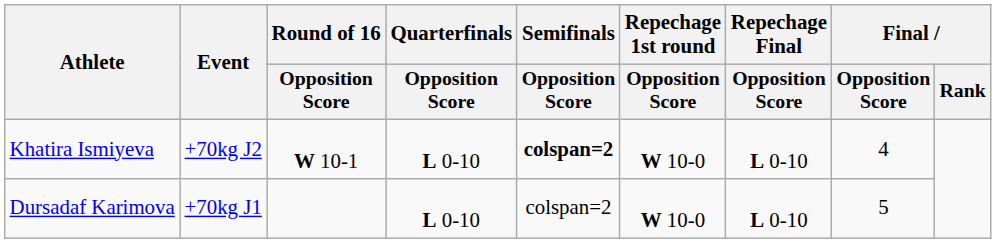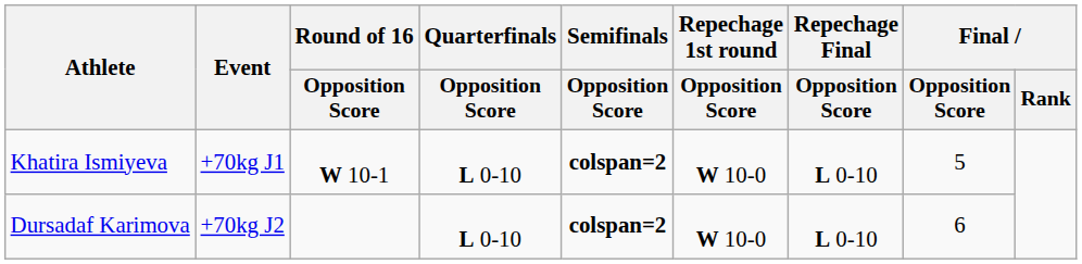 <table class=wikitable style="font-size:90%">
 <tr>
 <th rowspan=2>Athlete</th>
 <th rowspan=2>Event</th>
 <th>Round of 16</th>
 <th>Quarterfinals</th>
 <th>Semifinals</th>
 <th>Repechage<br>1st round</th>
 <th>Repechage<br>Final</th>
 <th colspan=2>Final / </th>
 </tr>
 <tr style="font-size:95%">
 <th>Opposition<br>Score</th>
 <th>Opposition<br>Score</th>
 <th>Opposition<br>Score</th>
 <th>Opposition<br>Score</th>
 <th>Opposition<br>Score</th>
 <th>Opposition<br>Score</th>
 <th>Rank</th>
 </tr>
 <tr align=center>
 <td align=left><a href='#'>Khatira Ismiyeva</a></td>
-<td align=left><a href='#'>+70kg J2</a></td>
+<td align=left><a href='#'>+70kg J1</a></td>
 <td><br><strong>W</strong> 10-1</td>
 <td><br><strong>L</strong> 0-10</td>
 <td><strong>colspan=2 </strong></td>
 <td><br><strong>W</strong> 10-0</td>
 <td><br><strong>L</strong> 0-10</td>
-<td>4</td>
+<td>5</td>
 </tr>
 <tr align=center>
 <td align=left><a href='#'>Dursadaf Karimova</a></td>
-<td align=left><a href='#'>+70kg J1</a></td>
+<td align=left><a href='#'>+70kg J2</a></td>
 <td></td>
 <td><br><strong>L</strong> 0-10</td>
-<td>colspan=2 </td>
+<td><strong>colspan=2 </strong></td>
 <td><br><strong>W</strong> 10-0</td>
 <td><br><strong>L</strong> 0-10</td>
-<td>5</td>
+<td>6</td>
 </tr>
 </table>
